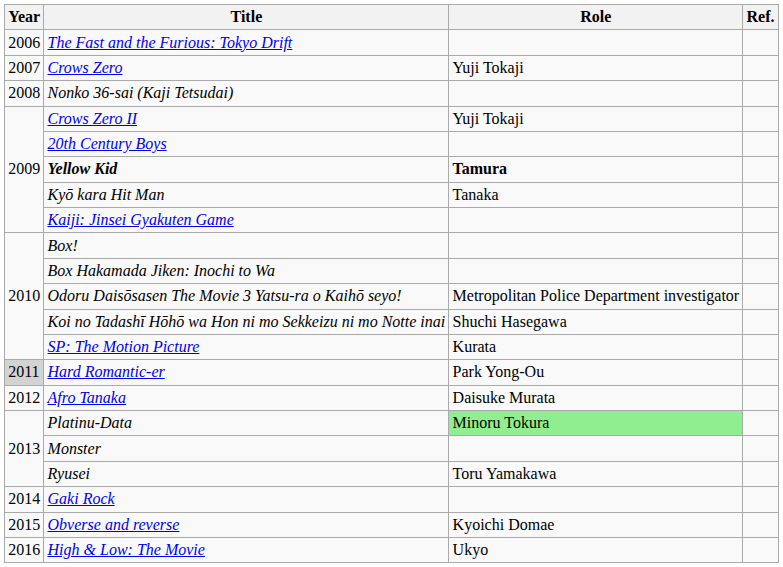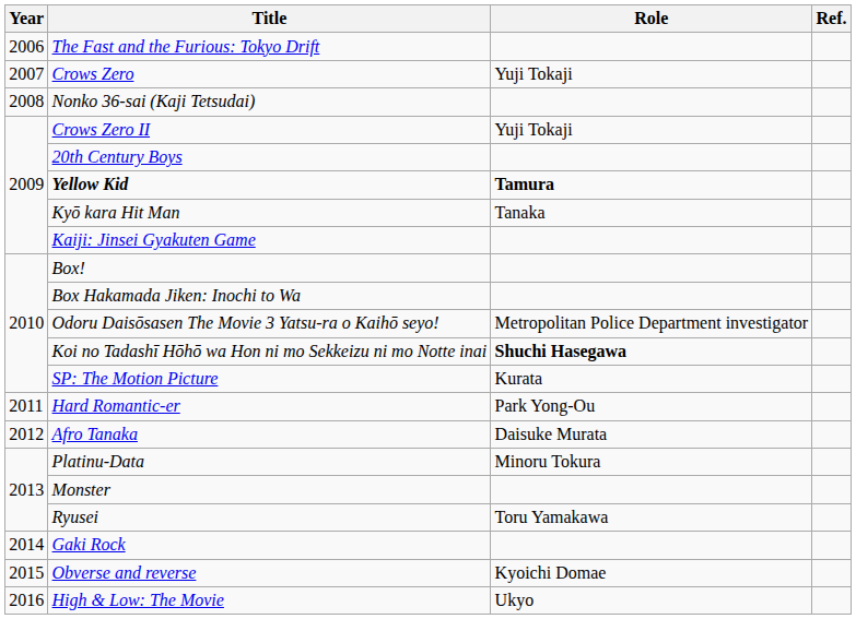 <table class="wikitable">
 <tr>
 <th>Year</th>
 <th>Title</th>
 <th>Role</th>
 <th>Ref.</th>
 </tr>
 <tr>
 <td>2006</td>
 <td><em><a href='#'>The Fast and the Furious: Tokyo Drift</a></em></td>
 <td></td>
 <td></td>
 </tr>
 <tr>
 <td>2007</td>
 <td><em><a href='#'>Crows Zero</a></em></td>
 <td>Yuji Tokaji</td>
 <td></td>
 </tr>
 <tr>
 <td>2008</td>
 <td><em>Nonko 36-sai (Kaji Tetsudai)</em></td>
 <td></td>
 <td></td>
 </tr>
 <tr>
 <td rowspan="5">2009</td>
 <td><em><a href='#'>Crows Zero II</a></em></td>
 <td>Yuji Tokaji</td>
 <td></td>
 </tr>
 <tr>
 <td><em><a href='#'>20th Century Boys</a></em></td>
 <td></td>
 <td></td>
 </tr>
 <tr>
 <td><strong><em>Yellow Kid</em></strong></td>
 <td><strong>Tamura</strong></td>
 <td></td>
 </tr>
 <tr>
 <td><em>Kyō kara Hit Man</em></td>
 <td>Tanaka</td>
 <td></td>
 </tr>
 <tr>
 <td><em><a href='#'>Kaiji: Jinsei Gyakuten Game</a></em></td>
 <td></td>
 <td></td>
 </tr>
 <tr>
 <td rowspan="5">2010</td>
 <td><em>Box!</em></td>
 <td></td>
 <td></td>
 </tr>
 <tr>
 <td><em>Box Hakamada Jiken: Inochi to Wa</em></td>
 <td></td>
 <td></td>
 </tr>
 <tr>
 <td><em>Odoru Daisōsasen The Movie 3 Yatsu-ra o Kaihō seyo!</em></td>
 <td>Metropolitan Police Department investigator</td>
 <td></td>
 </tr>
 <tr>
 <td><em>Koi no Tadashī Hōhō wa Hon ni mo Sekkeizu ni mo Notte inai</em></td>
-<td>Shuchi Hasegawa</td>
+<td><strong>Shuchi Hasegawa</strong></td>
 <td></td>
 </tr>
 <tr>
 <td><em><a href='#'>SP: The Motion Picture</a></em></td>
 <td>Kurata</td>
 <td></td>
 </tr>
 <tr>
-<td style="background: lightgrey;">2011</td>
+<td>2011</td>
 <td><em><a href='#'>Hard Romantic-er</a></em></td>
 <td>Park Yong-Ou</td>
 <td></td>
 </tr>
 <tr>
 <td>2012</td>
 <td><em><a href='#'>Afro Tanaka</a></em></td>
 <td>Daisuke Murata</td>
 <td></td>
 </tr>
 <tr>
 <td rowspan="3">2013</td>
 <td><em>Platinu-Data</em></td>
-<td style="background: lightgreen;">Minoru Tokura</td>
+<td>Minoru Tokura</td>
 <td></td>
 </tr>
 <tr>
 <td><em>Monster</em></td>
 <td></td>
 <td></td>
 </tr>
 <tr>
 <td><em>Ryusei</em></td>
 <td>Toru Yamakawa</td>
 <td></td>
 </tr>
 <tr>
 <td>2014</td>
 <td><em><a href='#'>Gaki Rock</a></em></td>
 <td></td>
 <td></td>
 </tr>
 <tr>
 <td>2015</td>
 <td><em><a href='#'>Obverse and reverse</a></em></td>
 <td>Kyoichi Domae</td>
 <td></td>
 </tr>
 <tr>
 <td>2016</td>
 <td><em><a href='#'>High & Low: The Movie</a></em></td>
 <td>Ukyo</td>
 <td></td>
 </tr>
 </table>
